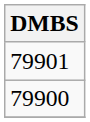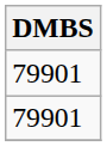 <table class="wikitable">
 <tr>
 <th>DMBS</th>
 </tr>
 <tr>
 <td>79901</td>
 </tr>
 <tr>
-<td>79900</td>
+<td>79901</td>
 </tr>
 <tr>
 </tr>
 </table>
